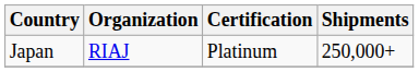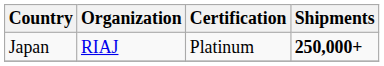 <table class="wikitable">
 <tr>
 <th>Country</th>
 <th>Organization</th>
 <th>Certification</th>
 <th>Shipments</th>
 </tr>
 <tr>
 <td>Japan</td>
 <td><a href='#'>RIAJ</a></td>
 <td>Platinum</td>
-<td>250,000+</td>
+<td><strong>250,000+</strong></td>
 </tr>
 <tr>
 </tr>
 </table>
